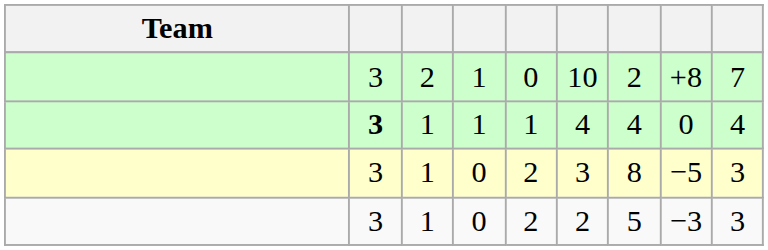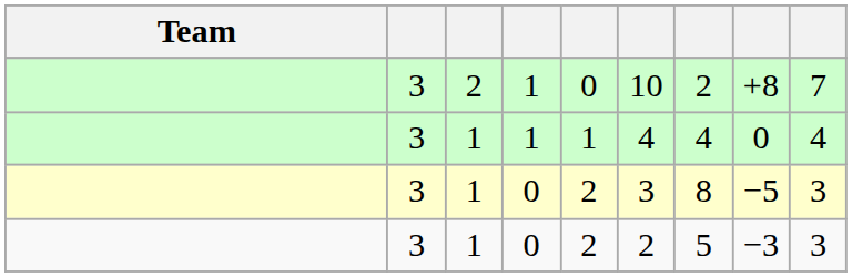 <table class="wikitable" style="text-align: center;">
 <tr>
 <th width="175">Team</th>
 <th width="20"></th>
 <th width="20"></th>
 <th width="20"></th>
 <th width="20"></th>
 <th width="20"></th>
 <th width="20"></th>
 <th width="20"></th>
 <th width="20"></th>
 </tr>
 <tr>
 </tr>
 <tr bgcolor="#ccffcc">
 <td align=left></td>
 <td>3</td>
 <td>2</td>
 <td>1</td>
 <td>0</td>
 <td>10</td>
 <td>2</td>
 <td>+8</td>
 <td>7</td>
 </tr>
 <tr bgcolor="#ccffcc">
 <td align=left></td>
-<td><strong>3</strong></td>
+<td>3</td>
 <td>1</td>
 <td>1</td>
 <td>1</td>
 <td>4</td>
 <td>4</td>
 <td>0</td>
 <td>4</td>
 </tr>
 <tr bgcolor=#ffffcc>
 <td align=left></td>
 <td>3</td>
 <td>1</td>
 <td>0</td>
 <td>2</td>
 <td>3</td>
 <td>8</td>
 <td>−5</td>
 <td>3</td>
 </tr>
 <tr>
 <td align=left></td>
 <td>3</td>
 <td>1</td>
 <td>0</td>
 <td>2</td>
 <td>2</td>
 <td>5</td>
 <td>−3</td>
 <td>3</td>
 </tr>
 </table>
